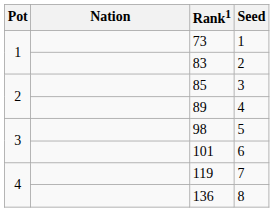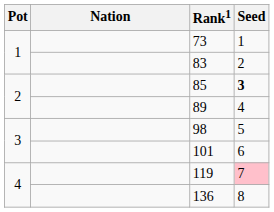 <table class="wikitable">
 <tr>
 <th>Pot</th>
 <th width="175">Nation</th>
 <th>Rank<sup>1</sup></th>
 <th>Seed</th>
 </tr>
 <tr>
 <td rowspan=2 style="text-align:center;">1</td>
 <td></td>
 <td>73</td>
 <td>1</td>
 </tr>
 <tr>
 <td></td>
 <td>83</td>
 <td>2</td>
 </tr>
 <tr>
 <td rowspan=2 style="text-align:center;">2</td>
 <td></td>
 <td>85</td>
-<td>3</td>
+<td><strong>3</strong></td>
 </tr>
 <tr>
 <td></td>
 <td>89</td>
 <td>4</td>
 </tr>
 <tr>
 <td rowspan=2 style="text-align:center;">3</td>
 <td></td>
 <td>98</td>
 <td>5</td>
 </tr>
 <tr>
 <td></td>
 <td>101</td>
 <td>6</td>
 </tr>
 <tr>
 <td rowspan=2 style="text-align:center;">4</td>
 <td></td>
 <td>119</td>
-<td>7</td>
+<td style="background: pink;">7</td>
 </tr>
 <tr>
 <td></td>
 <td>136</td>
 <td>8</td>
 </tr>
 </table>
